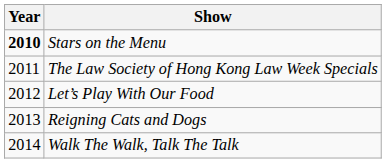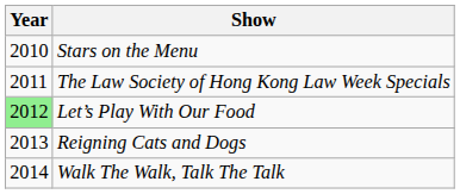 <table class="wikitable">
 <tr>
 <th>Year</th>
 <th>Show</th>
 </tr>
 <tr>
-<td><strong>2010</strong></td>
+<td>2010</td>
 <td><em>Stars on the Menu</em></td>
 </tr>
 <tr>
 <td>2011</td>
 <td><em>The Law Society of Hong Kong Law Week Specials</em></td>
 </tr>
 <tr>
-<td>2012</td>
+<td style="background: lightgreen;">2012</td>
 <td><em>Let’s Play With Our Food</em></td>
 </tr>
 <tr>
 <td>2013</td>
 <td><em>Reigning Cats and Dogs</em></td>
 </tr>
 <tr>
 <td>2014</td>
 <td><em>Walk The Walk, Talk The Talk</em></td>
 </tr>
 </table>
